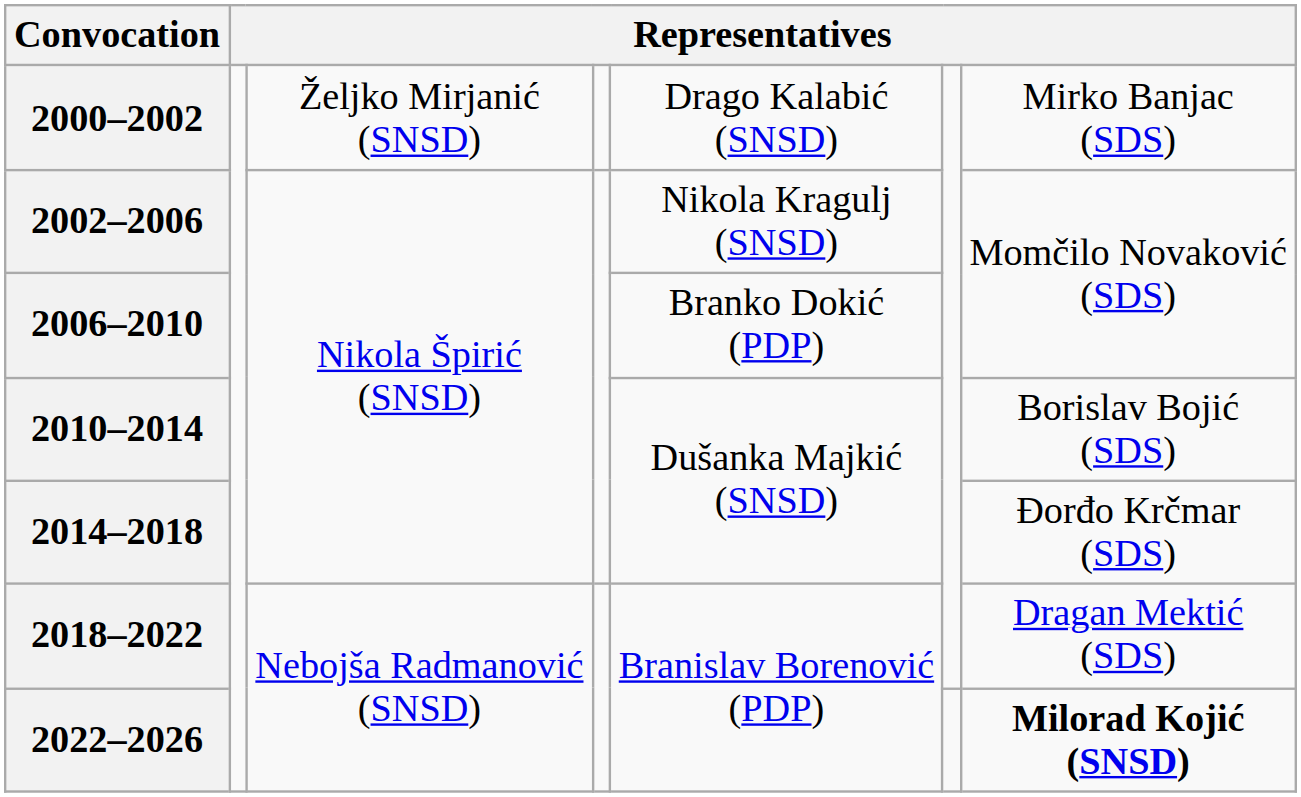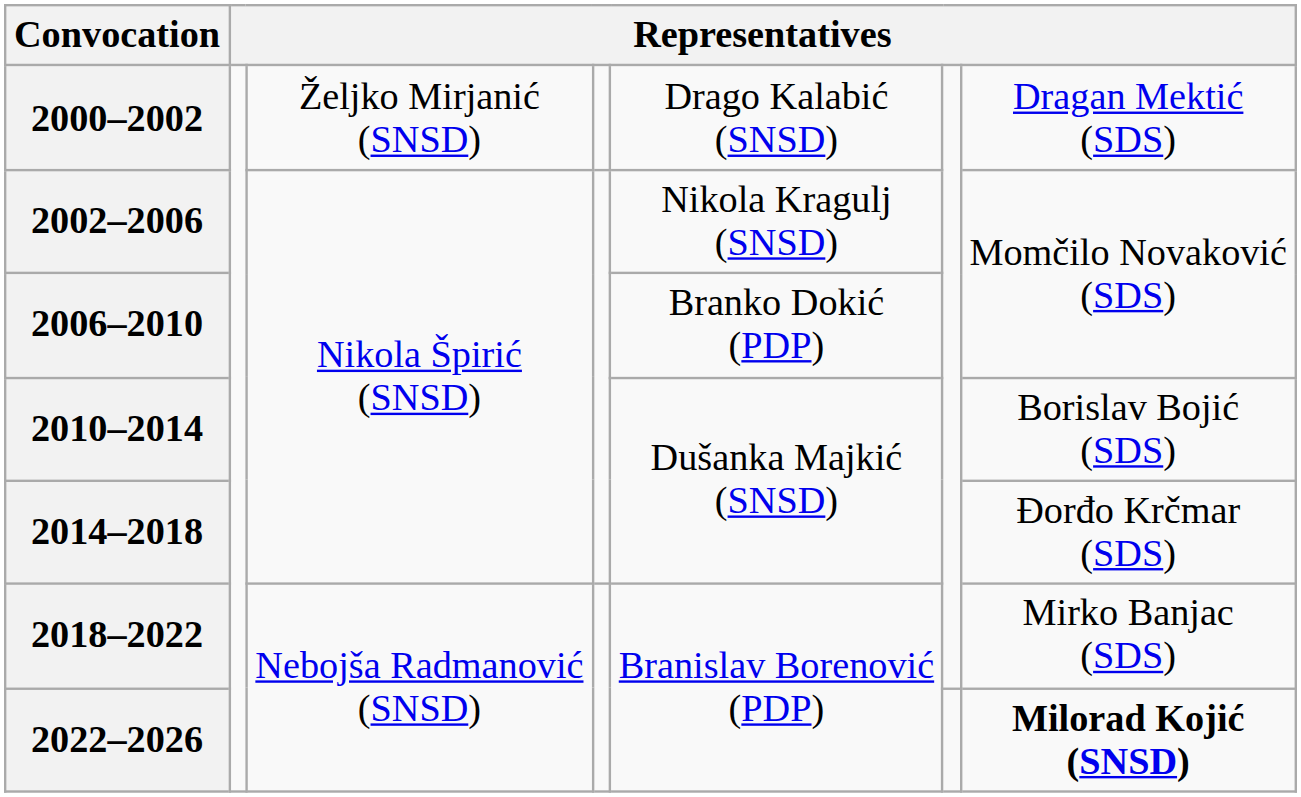 <table class="wikitable" style="text-align:center">
 <tr>
 <th>Convocation</th>
 <th colspan=6>Representatives</th>
 </tr>
 <tr>
 <th>2000–2002</th>
 <td rowspan=7; style="background-color: "></td>
 <td>Žеljkо Mirjаnić<br>(<a href='#'>SNSD</a>)</td>
 <td rowspan=1; style="background-color: "></td>
 <td>Drago Kalabić<br>(<a href='#'>SNSD</a>)</td>
 <td rowspan=6; style="background-color: "></td>
-<td>Mirkо Bаnjаc<br>(<a href='#'>SDS</a>)</td>
+<td><a href='#'>Dragan Mektić</a><br>(<a href='#'>SDS</a>)</td>
 </tr>
 <tr>
 <th>2002–2006</th>
 <td rowspan=4><a href='#'>Nikola Špirić</a><br>(<a href='#'>SNSD</a>)</td>
 <td rowspan=4; style="background-color: "></td>
 <td>Nikola Kragulj<br>(<a href='#'>SNSD</a>)</td>
 <td rowspan=2>Mоmčilо Nоvakоvić<br>(<a href='#'>SDS</a>)</td>
 </tr>
 <tr>
 <th>2006–2010</th>
 <td>Brаnkо Dоkić<br>(<a href='#'>PDP</a>)</td>
 </tr>
 <tr>
 <th>2010–2014</th>
 <td rowspan=2>Dušаnkа Mаjkić<br>(<a href='#'>SNSD</a>)</td>
 <td>Bоrislаv Bоjić<br>(<a href='#'>SDS</a>)</td>
 </tr>
 <tr>
 <th>2014–2018</th>
 <td>Ðorđo Krčmar<br>(<a href='#'>SDS</a>)</td>
 </tr>
 <tr>
 <th>2018–2022</th>
 <td rowspan=2><a href='#'>Nebojša Radmanović</a><br>(<a href='#'>SNSD</a>)</td>
 <td rowspan=2; style="background-color: "></td>
 <td rowspan=2><a href='#'>Branislav Borenović</a><br>(<a href='#'>PDP</a>)</td>
-<td><a href='#'>Dragan Mektić</a><br>(<a href='#'>SDS</a>)</td>
+<td>Mirkо Bаnjаc<br>(<a href='#'>SDS</a>)</td>
 </tr>
 <tr>
 <th>2022–2026</th>
 <td rowspan=1; style="background-color: "></td>
 <td><strong>Milorad Kojić<br>(<a href='#'>SNSD</a>)</strong></td>
 </tr>
 </table>
